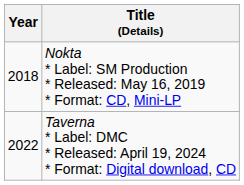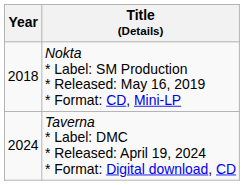 <table class="wikitable">
 <tr>
 <th>Year</th>
 <th>Title<br><small>(Details)</small></th>
 </tr>
 <tr>
 <td>2018</td>
 <td><em>Nokta</em><br>* Label: SM Production<br>* Released: May 16, 2019<br>* Format: <a href='#'>CD</a>, <a href='#'>Mini-LP</a></td>
 </tr>
 <tr>
-<td>2022</td>
+<td>2024</td>
 <td><em>Taverna</em><br>* Label: DMC<br>* Released: April 19, 2024<br>* Format: <a href='#'>Digital download</a>, <a href='#'>CD</a></td>
 </tr>
 </table>
